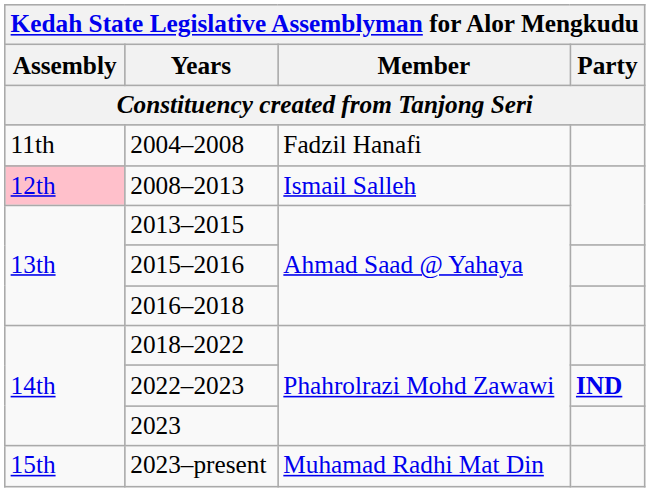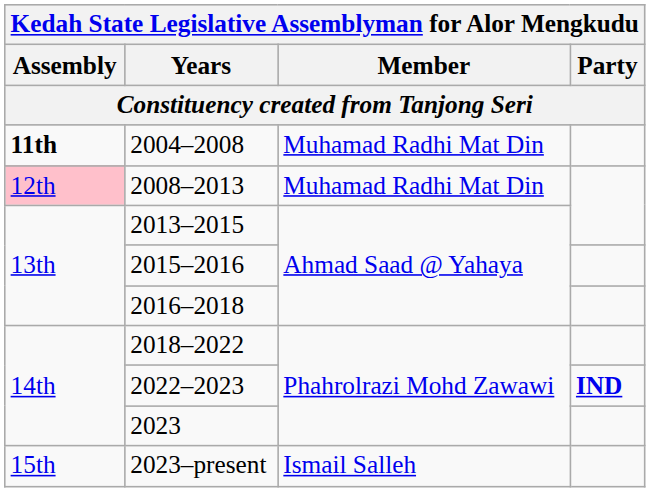 <table class="wikitable">
 <tr>
 <th colspan="4"><a href='#'>Kedah State Legislative Assemblyman</a> for Alor Mengkudu</th>
 </tr>
 <tr>
 <th>Assembly</th>
 <th>Years</th>
 <th>Member</th>
 <th>Party</th>
 </tr>
 <tr>
 <th colspan="4" align="center"><em>Constituency created from Tanjong Seri</em></th>
 </tr>
 <tr>
-<td>11th</td>
+<td><strong>11th</strong></td>
 <td>2004–2008</td>
-<td>Fadzil Hanafi</td>
+<td><a href='#'>Muhamad Radhi Mat Din</a></td>
 <td></td>
 </tr>
 <tr>
 <td style="background: pink;"><a href='#'>12th</a></td>
 <td>2008–2013</td>
-<td><a href='#'>Ismail Salleh</a></td>
+<td><a href='#'>Muhamad Radhi Mat Din</a></td>
 <td rowspan="2"></td>
 </tr>
 <tr>
 <td rowspan=3><a href='#'>13th</a></td>
 <td>2013–2015</td>
 <td rowspan=3><a href='#'>Ahmad Saad @ Yahaya</a></td>
 </tr>
 <tr>
 <td>2015–2016</td>
 <td></td>
 </tr>
 <tr>
 <td>2016–2018</td>
 <td></td>
 </tr>
 <tr>
 <td rowspan="3"><a href='#'>14th</a></td>
 <td>2018–2022</td>
 <td rowspan="3"><a href='#'>Phahrolrazi Mohd Zawawi</a></td>
 <td></td>
 </tr>
 <tr>
 <td>2022–2023</td>
 <td><strong><a href='#'>IND</a></strong></td>
 </tr>
 <tr>
 <td>2023</td>
 <td></td>
 </tr>
 <tr>
 <td><a href='#'>15th</a></td>
 <td>2023–present</td>
-<td><a href='#'>Muhamad Radhi Mat Din</a></td>
+<td><a href='#'>Ismail Salleh</a></td>
 <td></td>
 </tr>
 </table>
